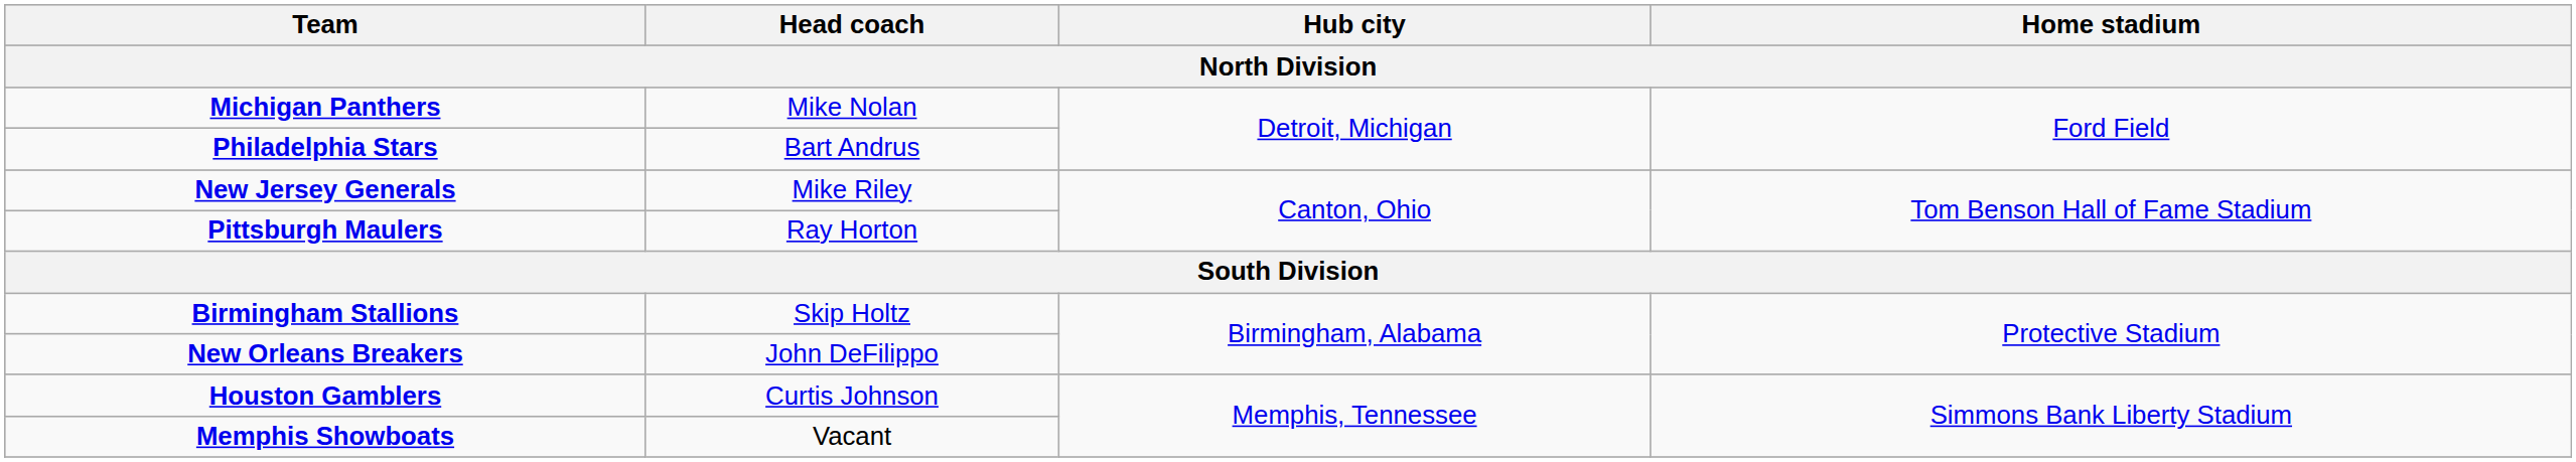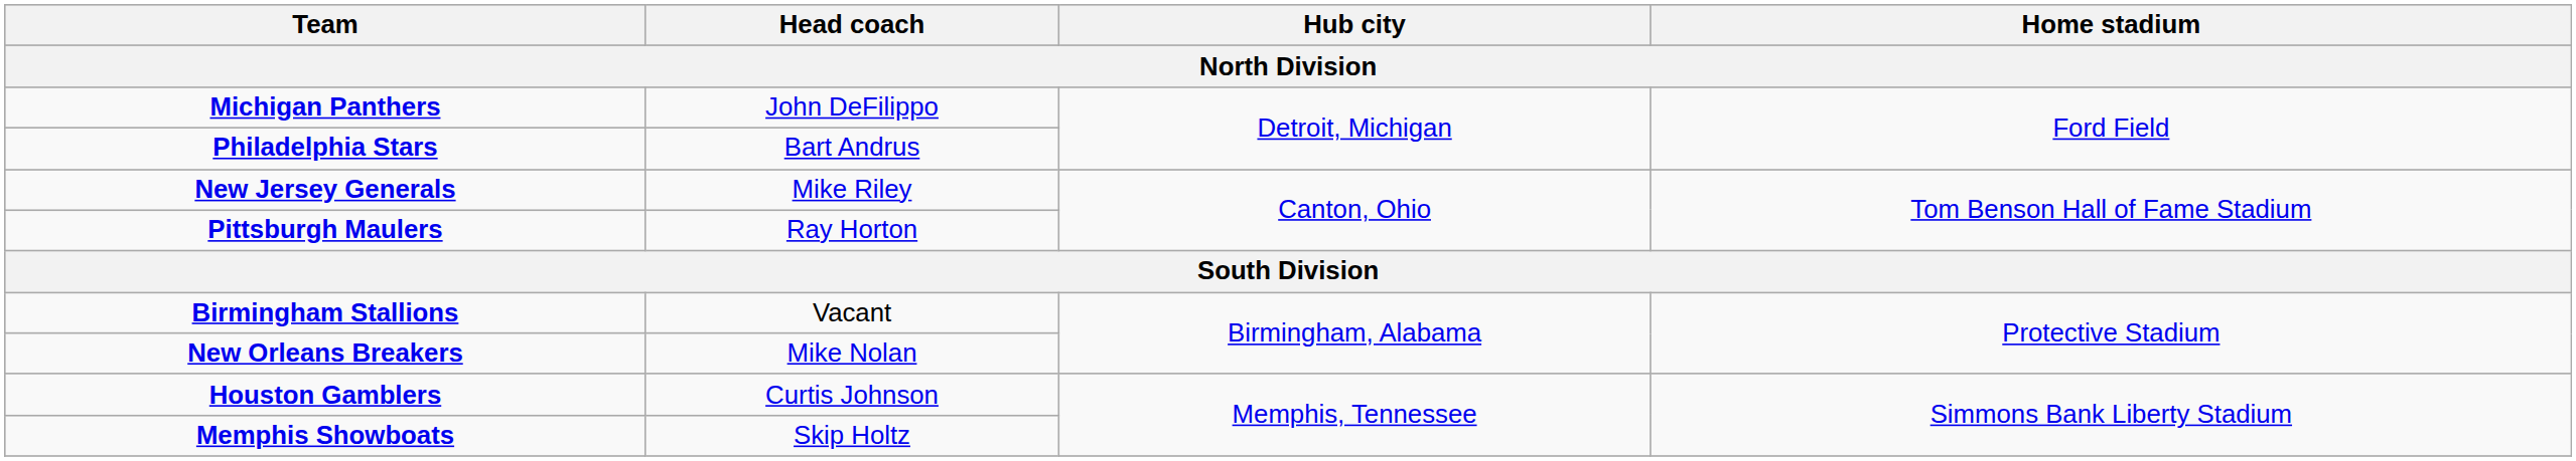 <table class="wikitable" style="width:100%">
 <tr>
 <th>Team</th>
 <th>Head coach</th>
 <th>Hub city</th>
 <th>Home stadium</th>
 </tr>
 <tr>
 <th colspan="4" style="text-align:center;">North Division</th>
 </tr>
 <tr style="text-align:center;">
 <td style="text-align:center;"><a href='#'><strong>Michigan Panthers</strong></a></td>
-<td style="text-align:center;"><a href='#'>Mike Nolan</a></td>
+<td style="text-align:center;"><a href='#'>John DeFilippo</a></td>
 <td style="text-align:center;" rowspan=2><a href='#'>Detroit, Michigan</a></td>
 <td style="text-align:center;" rowspan=2><a href='#'>Ford Field</a></td>
 </tr>
 <tr>
 <td style="text-align:center;"><a href='#'><strong>Philadelphia Stars</strong></a></td>
 <td style="text-align:center;"><a href='#'>Bart Andrus</a></td>
 </tr>
 <tr>
 <td style="text-align:center;"><a href='#'><strong>New Jersey Generals</strong></a></td>
 <td style="text-align:center;"><a href='#'>Mike Riley</a></td>
 <td style="text-align:center;" rowspan=2><a href='#'>Canton, Ohio</a></td>
 <td style="text-align:center;" rowspan=2><a href='#'>Tom Benson Hall of Fame Stadium</a></td>
 </tr>
 <tr>
 <td style="text-align:center;"><a href='#'><strong>Pittsburgh Maulers</strong></a></td>
 <td style="text-align:center;"><a href='#'>Ray Horton</a></td>
 </tr>
 <tr>
 <th colspan="4" style="text-align:center;">South Division</th>
 </tr>
 <tr style="text-align:center;">
 <td style="text-align:center;"><a href='#'><strong>Birmingham Stallions</strong></a></td>
-<td style="text-align:center;"><a href='#'>Skip Holtz</a></td>
+<td style="text-align:center;">Vacant</td>
 <td style="text-align:center;" rowspan=2><a href='#'>Birmingham, Alabama</a></td>
 <td style="text-align:center;" rowspan=2><a href='#'>Protective Stadium</a></td>
 </tr>
 <tr>
 <td style="text-align:center;"><a href='#'><strong>New Orleans Breakers</strong></a></td>
-<td style="text-align:center;"><a href='#'>John DeFilippo</a></td>
+<td style="text-align:center;"><a href='#'>Mike Nolan</a></td>
 </tr>
 <tr>
 <td style="text-align:center;"><a href='#'><strong>Houston Gamblers</strong></a></td>
 <td style="text-align:center;"><a href='#'>Curtis Johnson</a></td>
 <td style="text-align:center;" rowspan=2><a href='#'>Memphis, Tennessee</a></td>
 <td style="text-align:center;" rowspan=2><a href='#'>Simmons Bank Liberty Stadium</a></td>
 </tr>
 <tr>
 <td style="text-align:center;"><a href='#'><strong>Memphis Showboats</strong></a></td>
-<td style="text-align:center;">Vacant</td>
+<td style="text-align:center;"><a href='#'>Skip Holtz</a></td>
 </tr>
 </table>
